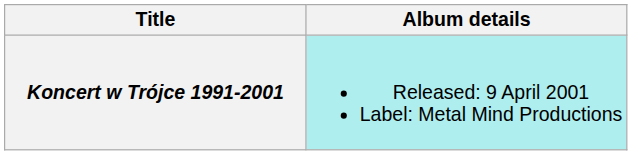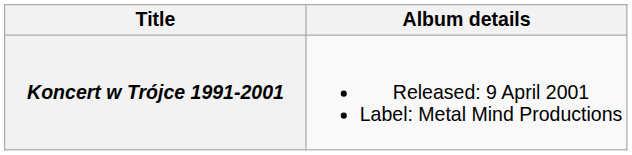 <table class="wikitable plainrowheaders" style="text-align:center;">
 <tr>
 <th scope="col" style="width:15em;">Title</th>
 <th scope="col">Album details</th>
 </tr>
 <tr>
 <th scope="row"><em>Koncert w Trójce 1991-2001</em></th>
-<td style="background: paleturquoise;"><br><ul><li>Released: 9 April 2001</li><li>Label: Metal Mind Productions</li></ul></td>
+<td><br><ul><li>Released: 9 April 2001</li><li>Label: Metal Mind Productions</li></ul></td>
 </tr>
 </table>
